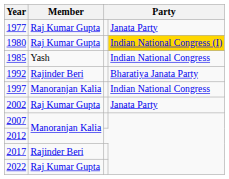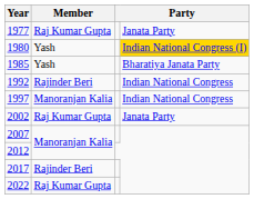 <table class="wikitable sortable">
 <tr>
 <th>Year</th>
 <th>Member</th>
 <th colspan="2">Party</th>
 </tr>
 <tr>
 <td><a href='#'>1977</a></td>
 <td><a href='#'>Raj Kumar Gupta</a></td>
 <td style="background-color: "></td>
 <td><a href='#'>Janata Party</a></td>
 </tr>
 <tr>
 <td><a href='#'>1980</a></td>
-<td><a href='#'>Raj Kumar Gupta</a></td>
+<td>Yash</td>
 <td style="background-color: "></td>
 <td style="background: gold;"><a href='#'>Indian National Congress (I)</a></td>
 </tr>
 <tr>
 <td><a href='#'>1985</a></td>
 <td>Yash</td>
 <td style="background-color: "></td>
-<td><a href='#'>Indian National Congress</a></td>
+<td><a href='#'>Bharatiya Janata Party</a></td>
 </tr>
 <tr>
 <td><a href='#'>1992</a></td>
 <td><a href='#'>Rajinder Beri</a></td>
 <td style="background-color: "></td>
-<td><a href='#'>Bharatiya Janata Party</a></td>
+<td><a href='#'>Indian National Congress</a></td>
 </tr>
 <tr>
 <td><a href='#'>1997</a></td>
 <td><a href='#'>Manoranjan Kalia</a></td>
 <td style="background-color: "></td>
 <td><a href='#'>Indian National Congress</a></td>
 </tr>
 <tr>
 <td><a href='#'>2002</a></td>
 <td><a href='#'>Raj Kumar Gupta</a></td>
 <td style="background-color: "></td>
 <td><a href='#'>Janata Party</a></td>
 </tr>
 <tr>
 <td><a href='#'>2007</a></td>
 <td rowspan="2"><a href='#'>Manoranjan Kalia</a></td>
 <td></td>
 </tr>
 <tr>
 <td><a href='#'>2012</a></td>
 </tr>
 <tr>
 <td><a href='#'>2017</a></td>
 <td><a href='#'>Rajinder Beri</a></td>
 <td></td>
 </tr>
 <tr>
 <td><a href='#'>2022</a></td>
 <td><a href='#'>Raj Kumar Gupta</a></td>
 <td></td>
 </tr>
 </table>
